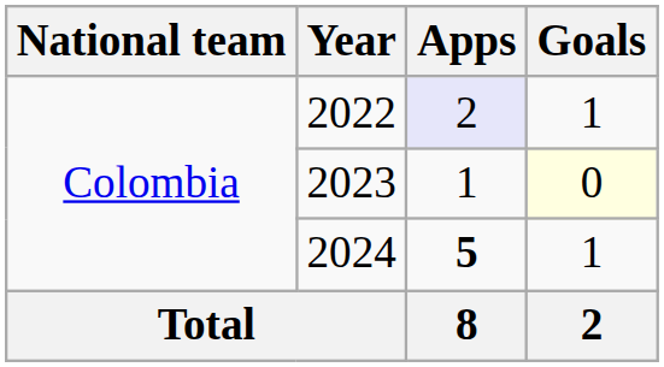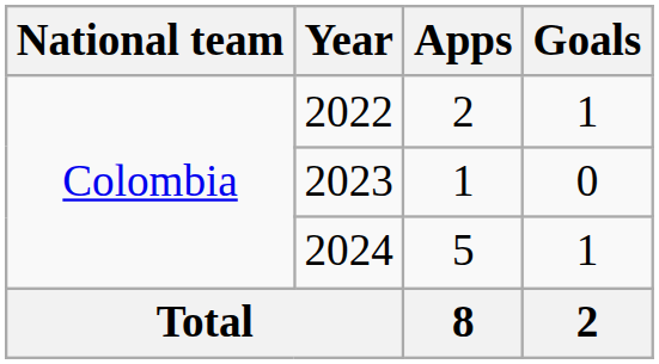 <table class="wikitable" style="text-align:center">
 <tr>
 <th>National team</th>
 <th>Year</th>
 <th>Apps</th>
 <th>Goals</th>
 </tr>
 <tr>
 <td rowspan="3"><a href='#'>Colombia</a></td>
 <td>2022</td>
-<td style="background: lavender;">2</td>
+<td>2</td>
 <td>1</td>
 </tr>
 <tr>
 <td>2023</td>
 <td>1</td>
-<td style="background: lightyellow;">0</td>
+<td>0</td>
 </tr>
 <tr>
 <td>2024</td>
-<td><strong>5</strong></td>
+<td>5</td>
 <td>1</td>
 </tr>
 <tr>
 <th colspan="2">Total</th>
 <th>8</th>
 <th>2</th>
 </tr>
 </table>
